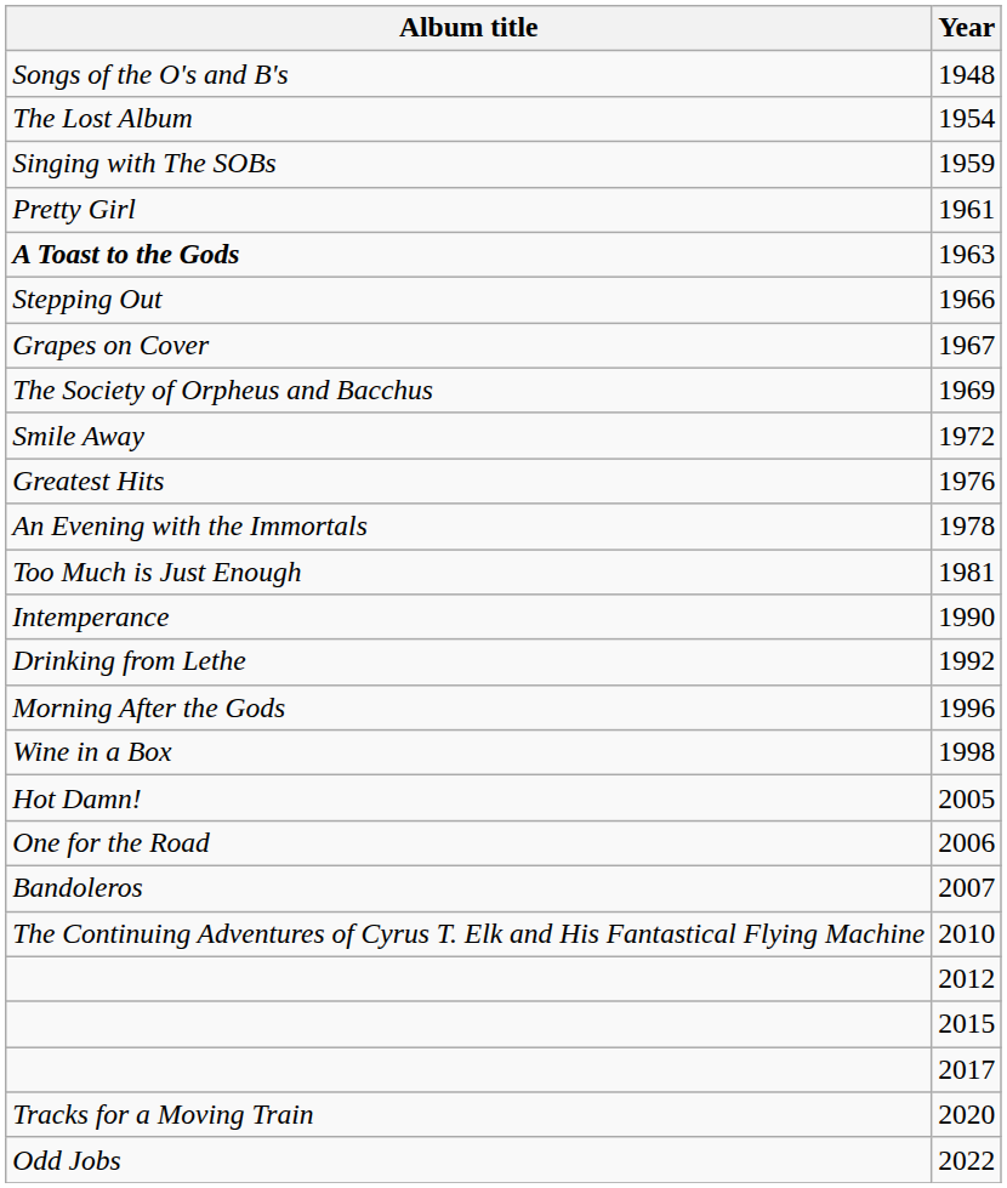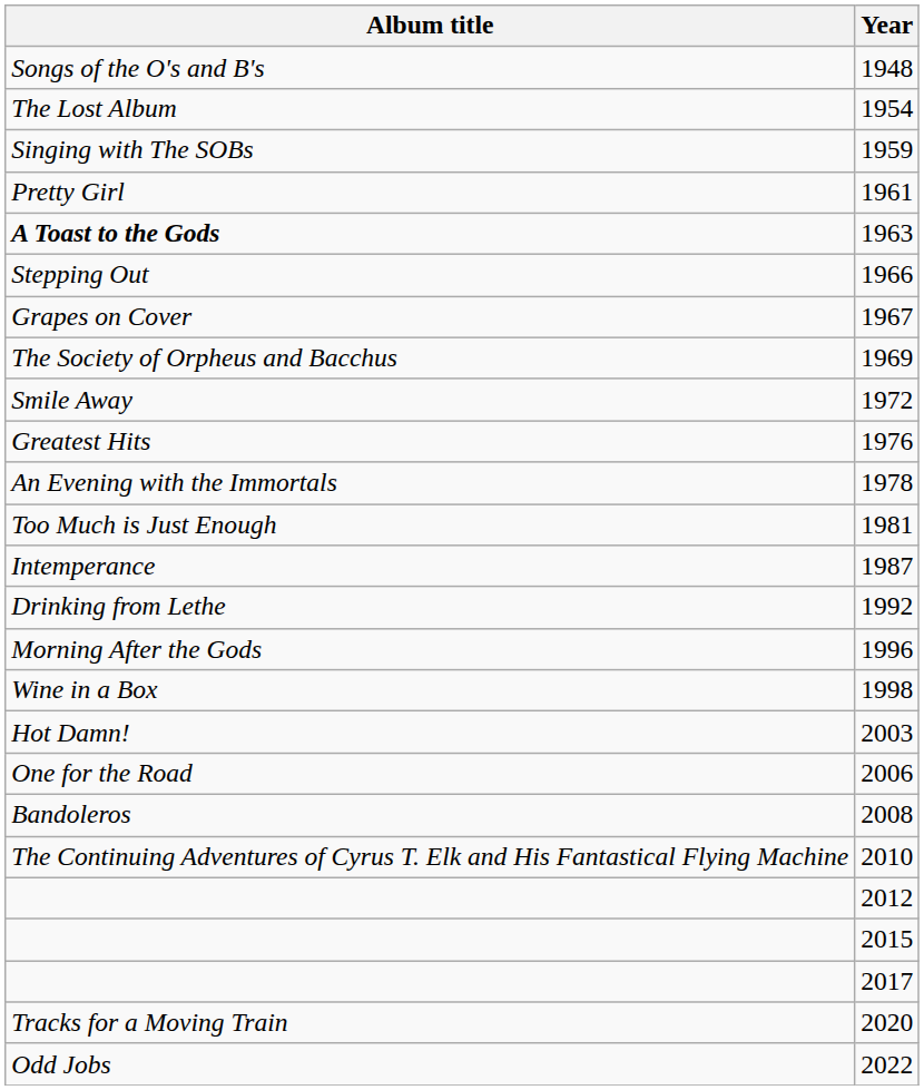 <table class="wikitable">
 <tr>
 <th>Album title</th>
 <th>Year</th>
 </tr>
 <tr>
 <td><em>Songs of the O's and B's</em></td>
 <td>1948</td>
 </tr>
 <tr>
 <td><em>The Lost Album</em></td>
 <td>1954</td>
 </tr>
 <tr>
 <td><em>Singing with The SOBs</em></td>
 <td>1959</td>
 </tr>
 <tr>
 <td><em>Pretty Girl</em></td>
 <td>1961</td>
 </tr>
 <tr>
 <td><strong><em>A Toast to the Gods</em></strong></td>
 <td>1963</td>
 </tr>
 <tr>
 <td><em>Stepping Out</em></td>
 <td>1966</td>
 </tr>
 <tr>
 <td><em>Grapes on Cover</em></td>
 <td>1967</td>
 </tr>
 <tr>
 <td><em>The Society of Orpheus and Bacchus</em></td>
 <td>1969</td>
 </tr>
 <tr>
 <td><em>Smile Away</em></td>
 <td>1972</td>
 </tr>
 <tr>
 <td><em>Greatest Hits</em></td>
 <td>1976</td>
 </tr>
 <tr>
 <td><em>An Evening with the Immortals</em></td>
 <td>1978</td>
 </tr>
 <tr>
 <td><em>Too Much is Just Enough</em></td>
 <td>1981</td>
 </tr>
 <tr>
 <td><em>Intemperance</em></td>
-<td>1990</td>
+<td>1987</td>
 </tr>
 <tr>
 <td><em>Drinking from Lethe</em></td>
 <td>1992</td>
 </tr>
 <tr>
 <td><em>Morning After the Gods</em></td>
 <td>1996</td>
 </tr>
 <tr>
 <td><em>Wine in a Box</em></td>
 <td>1998</td>
 </tr>
 <tr>
 <td><em>Hot Damn!</em></td>
-<td>2005</td>
+<td>2003</td>
 </tr>
 <tr>
 <td><em>One for the Road</em></td>
 <td>2006</td>
 </tr>
 <tr>
 <td><em>Bandoleros</em></td>
-<td>2007</td>
+<td>2008</td>
 </tr>
 <tr>
 <td><em>The Continuing Adventures of Cyrus T. Elk and His Fantastical Flying Machine</em></td>
 <td>2010</td>
 </tr>
 <tr>
 <td><em></em></td>
 <td>2012</td>
 </tr>
 <tr>
 <td><em></em></td>
 <td>2015</td>
 </tr>
 <tr>
 <td><em></em></td>
 <td>2017</td>
 </tr>
 <tr>
 <td><em>Tracks for a Moving Train</em></td>
 <td>2020</td>
 </tr>
 <tr>
 <td><em>Odd Jobs</em></td>
 <td>2022</td>
 </tr>
 </table>
